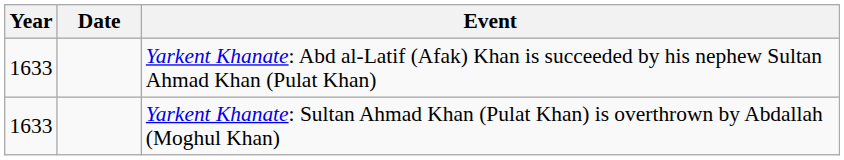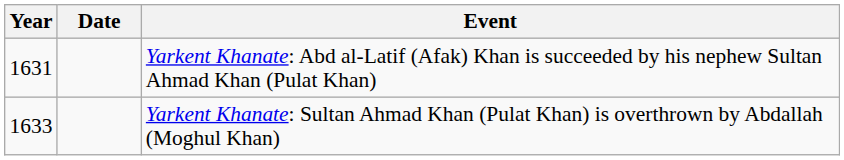 <table class="wikitable" width="100%">
 <tr>
 <th style="width:6%">Year</th>
 <th style="width:10%">Date</th>
 <th>Event</th>
 </tr>
 <tr>
-<td>1633</td>
+<td>1631</td>
 <td></td>
 <td><em><a href='#'>Yarkent Khanate</a></em>: Abd al-Latif (Afak) Khan is succeeded by his nephew Sultan Ahmad Khan (Pulat Khan)</td>
 </tr>
 <tr>
 <td>1633</td>
 <td></td>
 <td><em><a href='#'>Yarkent Khanate</a></em>: Sultan Ahmad Khan (Pulat Khan) is overthrown by Abdallah (Moghul Khan)</td>
 </tr>
 </table>
